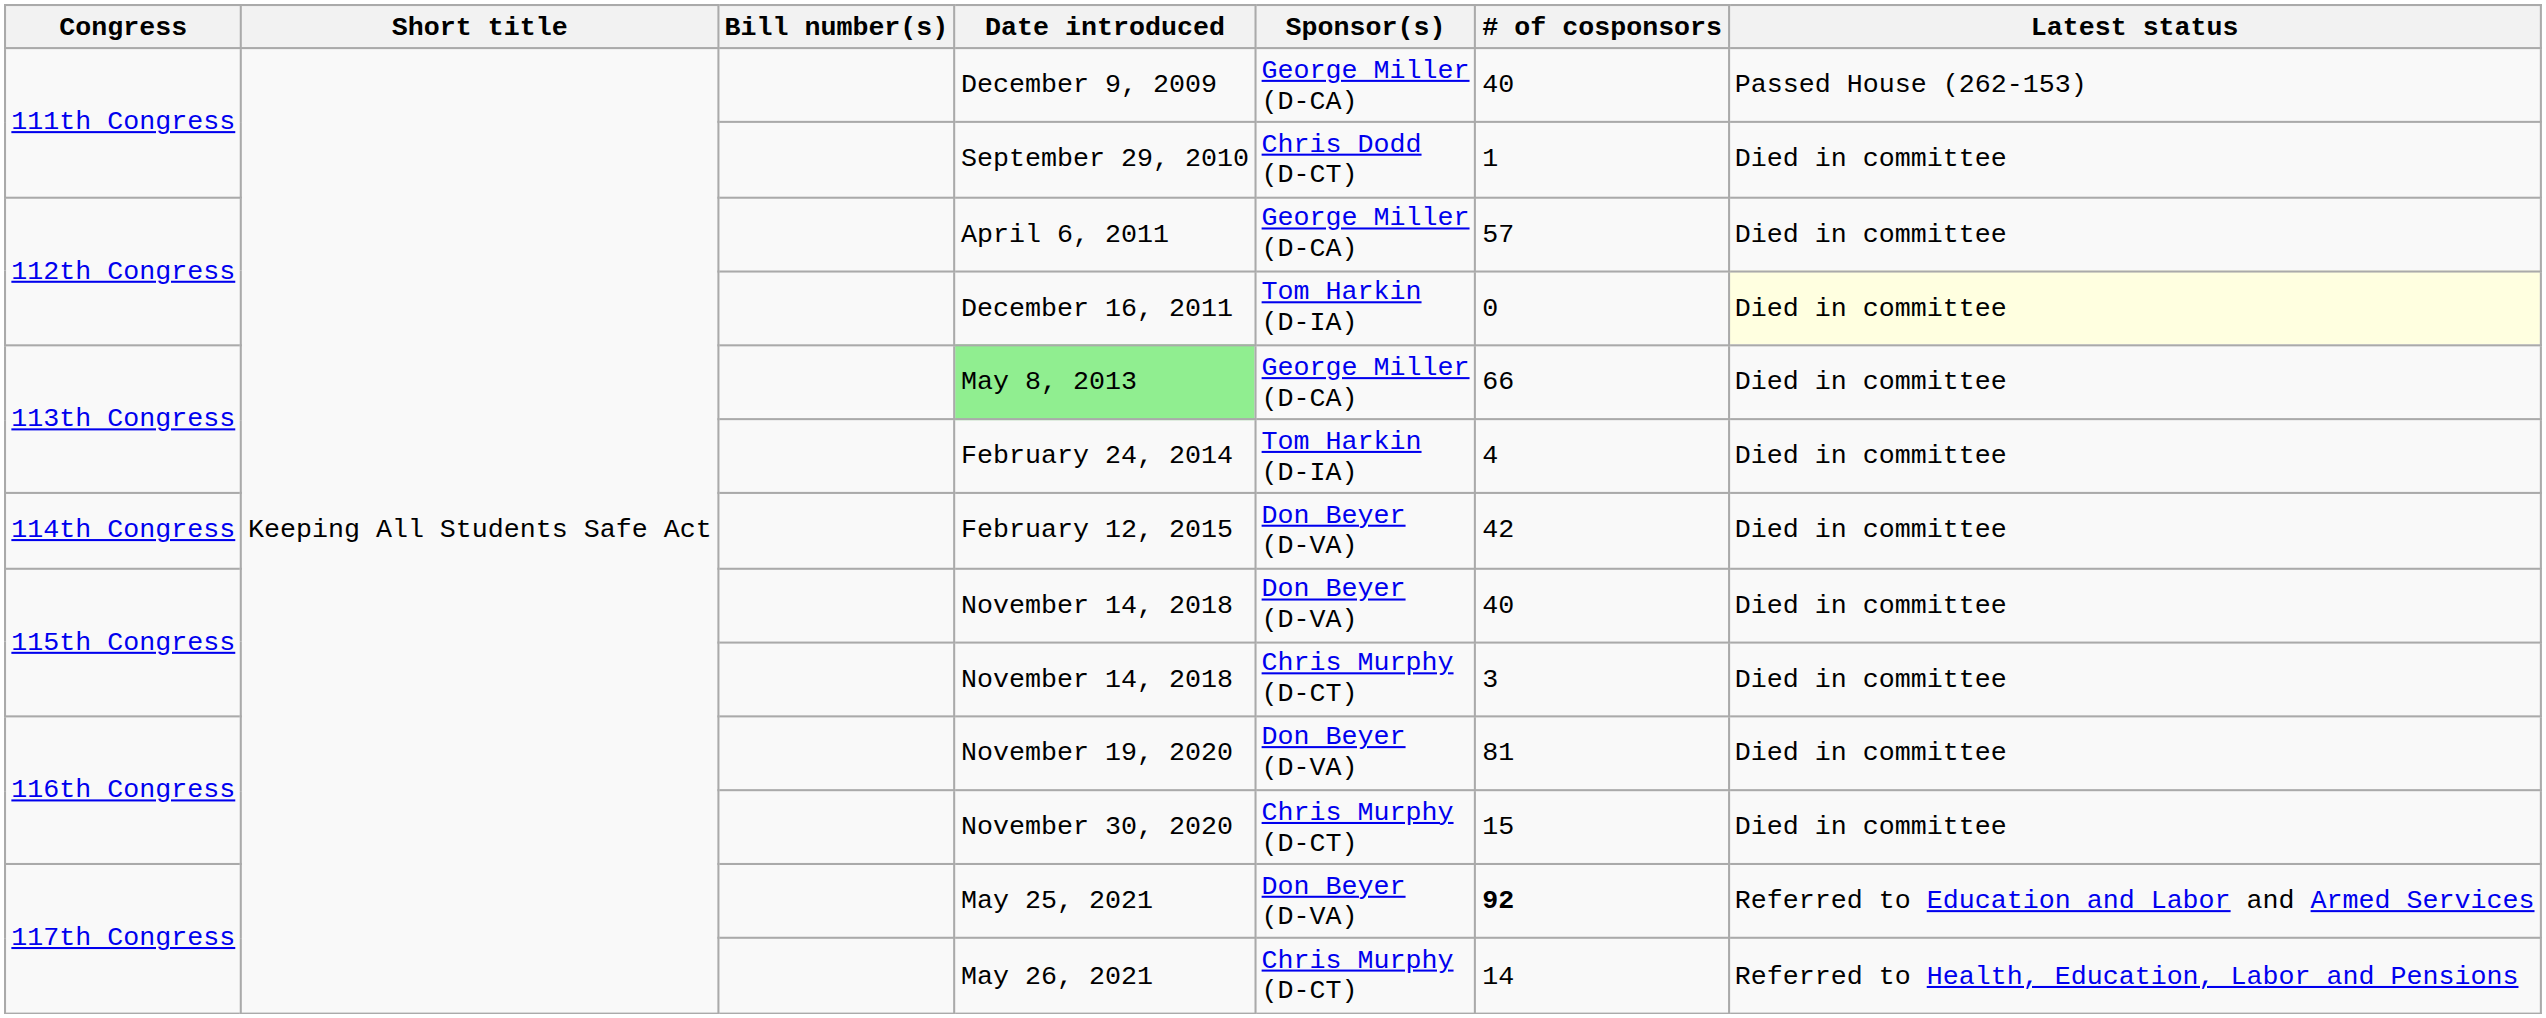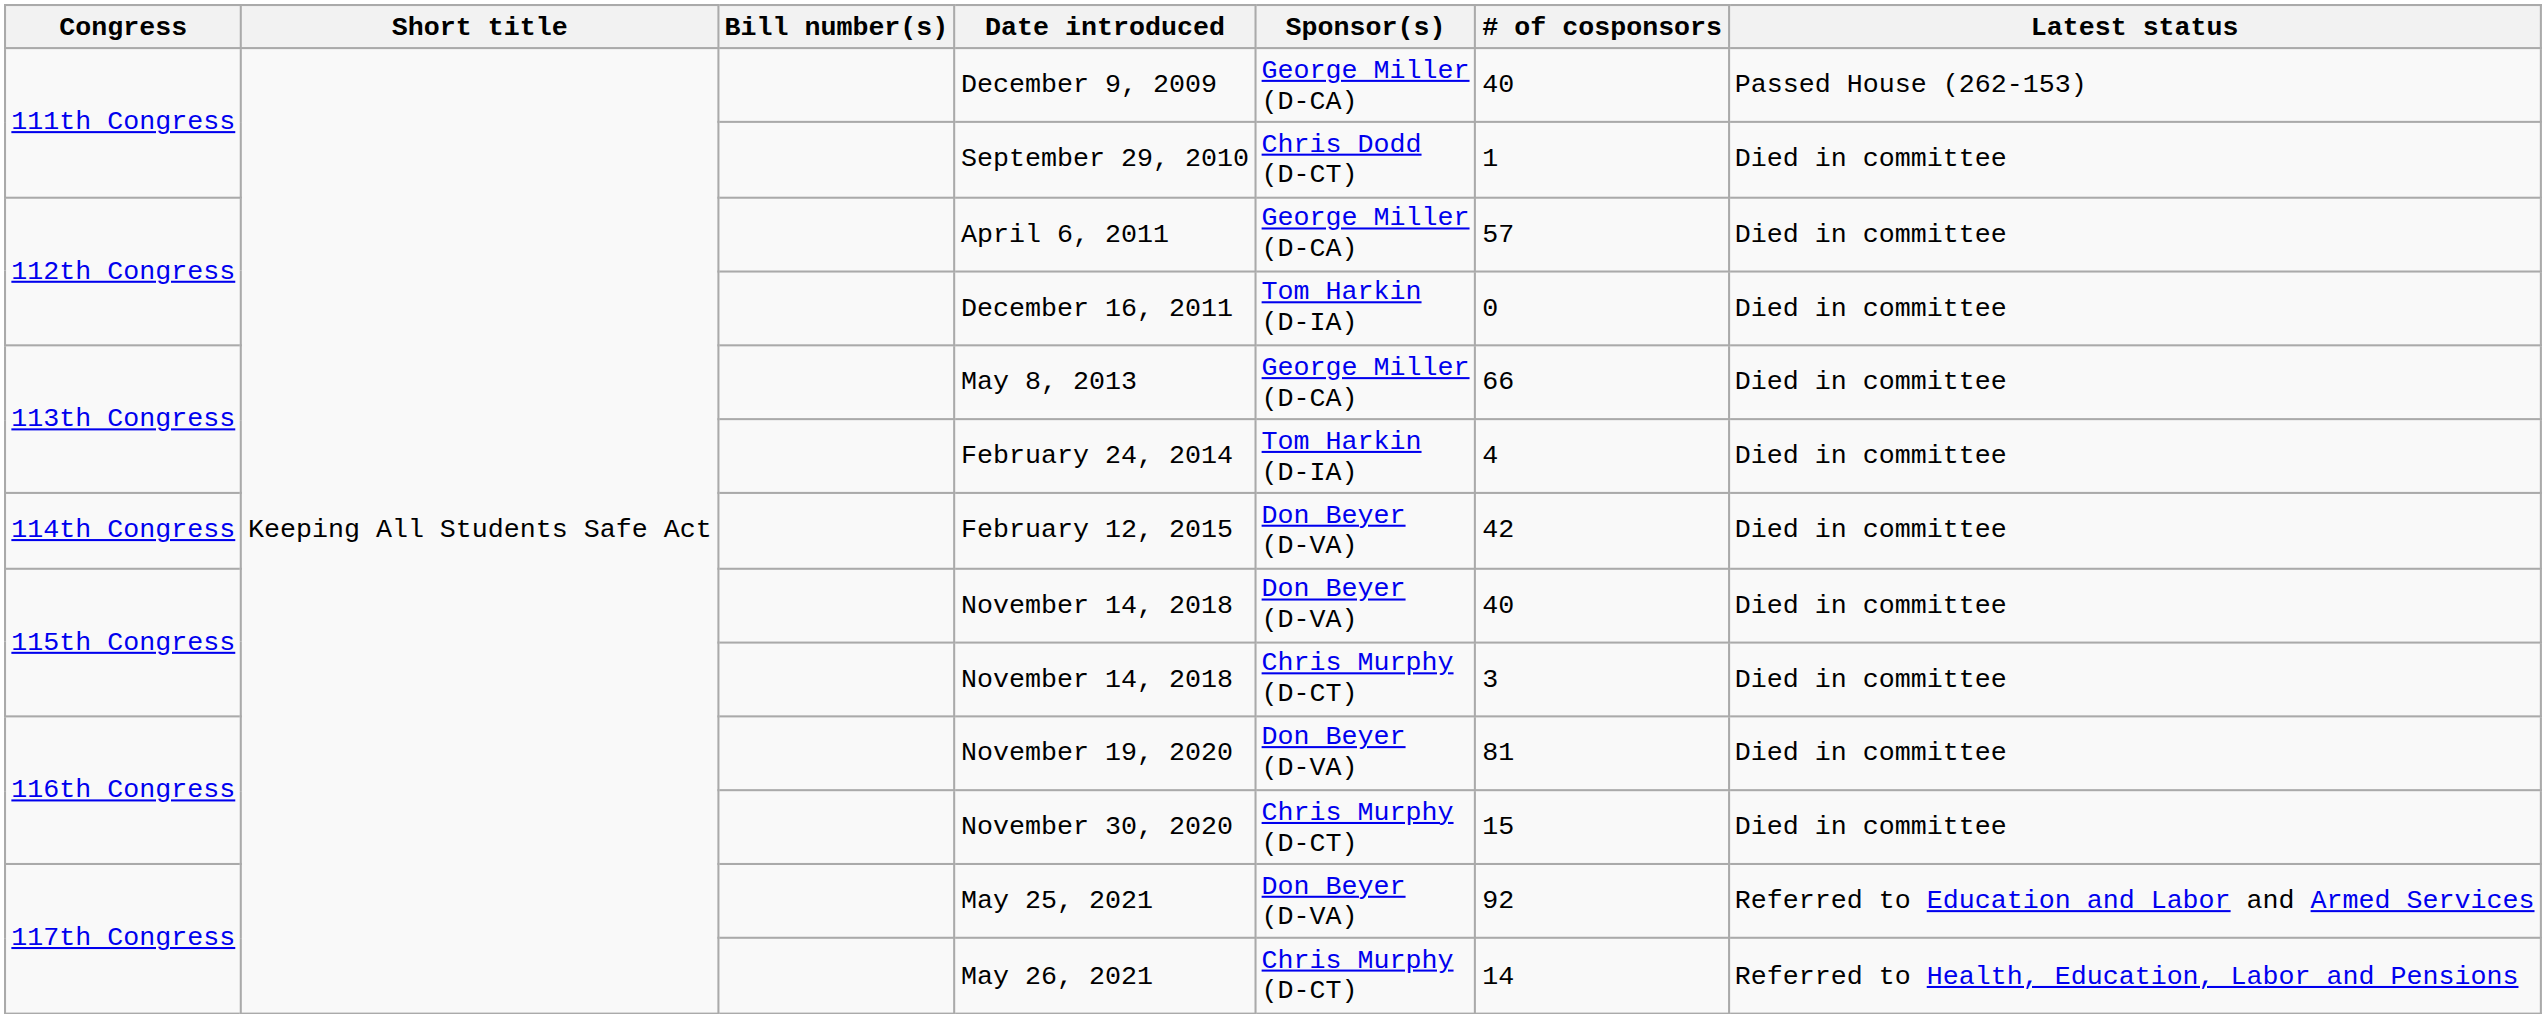 <table class="wikitable">
 <tr>
 <th>Congress</th>
 <th>Short title</th>
 <th>Bill number(s)</th>
 <th>Date introduced</th>
 <th>Sponsor(s)</th>
 <th># of cosponsors</th>
 <th>Latest status</th>
 </tr>
 <tr>
 <td rowspan=2><a href='#'>111th Congress</a></td>
 <td rowspan=13>Keeping All Students Safe Act</td>
 <td></td>
 <td>December 9, 2009</td>
 <td><a href='#'>George Miller</a><br>(D-CA)</td>
 <td>40</td>
 <td>Passed House (262-153)</td>
 </tr>
 <tr>
 <td></td>
 <td>September 29, 2010</td>
 <td><a href='#'>Chris Dodd</a><br>(D-CT)</td>
 <td>1</td>
 <td>Died in committee</td>
 </tr>
 <tr>
 <td rowspan=2><a href='#'>112th Congress</a></td>
 <td></td>
 <td>April 6, 2011</td>
 <td><a href='#'>George Miller</a><br>(D-CA)</td>
 <td>57</td>
 <td>Died in committee</td>
 </tr>
 <tr>
 <td></td>
 <td>December 16, 2011</td>
 <td><a href='#'>Tom Harkin</a><br>(D-IA)</td>
 <td>0</td>
-<td style="background: lightyellow;">Died in committee</td>
+<td>Died in committee</td>
 </tr>
 <tr>
 <td rowspan=2><a href='#'>113th Congress</a></td>
 <td></td>
-<td style="background: lightgreen;">May 8, 2013</td>
+<td>May 8, 2013</td>
 <td><a href='#'>George Miller</a><br>(D-CA)</td>
 <td>66</td>
 <td>Died in committee</td>
 </tr>
 <tr>
 <td></td>
 <td>February 24, 2014</td>
 <td><a href='#'>Tom Harkin</a><br>(D-IA)</td>
 <td>4</td>
 <td>Died in committee</td>
 </tr>
 <tr>
 <td><a href='#'>114th Congress</a></td>
 <td></td>
 <td>February 12, 2015</td>
 <td><a href='#'>Don Beyer</a><br>(D-VA)</td>
 <td>42</td>
 <td>Died in committee</td>
 </tr>
 <tr>
 <td rowspan=2><a href='#'>115th Congress</a></td>
 <td></td>
 <td>November 14, 2018</td>
 <td><a href='#'>Don Beyer</a><br>(D-VA)</td>
 <td>40</td>
 <td>Died in committee</td>
 </tr>
 <tr>
 <td></td>
 <td>November 14, 2018</td>
 <td><a href='#'>Chris Murphy</a><br>(D-CT)</td>
 <td>3</td>
 <td>Died in committee</td>
 </tr>
 <tr>
 <td rowspan=2><a href='#'>116th Congress</a></td>
 <td></td>
 <td>November 19, 2020</td>
 <td><a href='#'>Don Beyer</a><br>(D-VA)</td>
 <td>81</td>
 <td>Died in committee</td>
 </tr>
 <tr>
 <td></td>
 <td>November 30, 2020</td>
 <td><a href='#'>Chris Murphy</a><br>(D-CT)</td>
 <td>15</td>
 <td>Died in committee</td>
 </tr>
 <tr>
 <td rowspan=2><a href='#'>117th Congress</a></td>
 <td></td>
 <td>May 25, 2021</td>
 <td><a href='#'>Don Beyer</a><br>(D-VA)</td>
-<td><strong>92</strong></td>
+<td>92</td>
 <td>Referred to <a href='#'>Education and Labor</a> and <a href='#'>Armed Services</a></td>
 </tr>
 <tr>
 <td></td>
 <td>May 26, 2021</td>
 <td><a href='#'>Chris Murphy</a><br>(D-CT)</td>
 <td>14</td>
 <td>Referred to <a href='#'>Health, Education, Labor and Pensions</a></td>
 </tr>
 </table>
